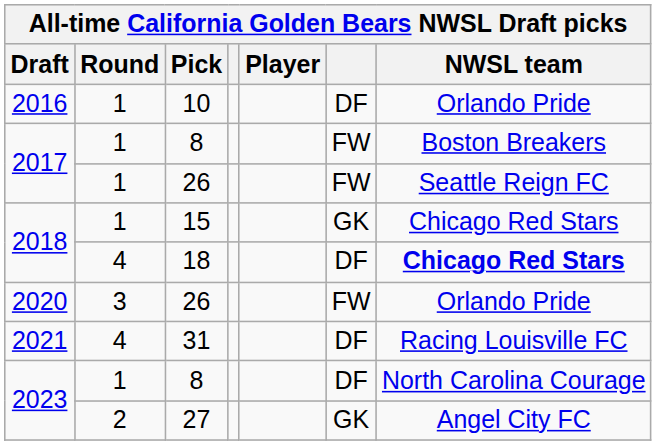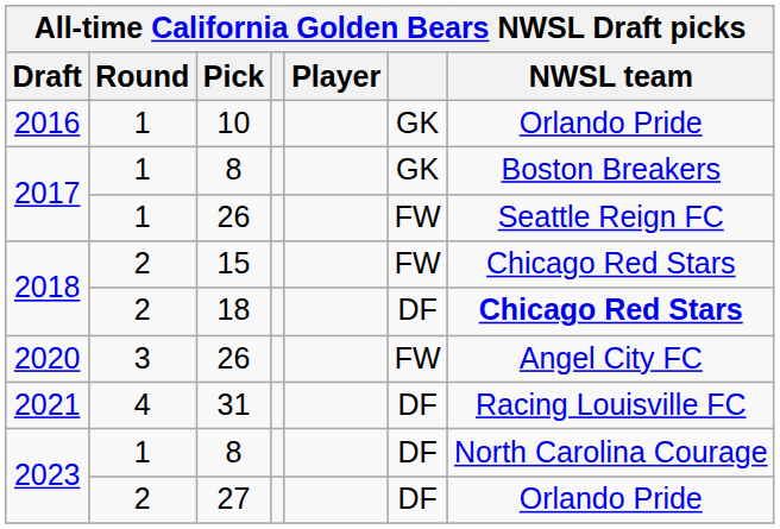 <table class="wikitable sortable" style="text-align: center;">
 <tr>
 <th colspan="7" style="background:#">All-time <a href='#'><span>California Golden Bears</span></a> NWSL Draft picks</th>
 </tr>
 <tr>
 <th scope="col">Draft</th>
 <th scope="col">Round</th>
 <th scope="col">Pick</th>
 <th scope="col"></th>
 <th scope="col">Player</th>
 <th scope="col"></th>
 <th scope="col">NWSL team</th>
 </tr>
 <tr>
 <td><a href='#'>2016</a></td>
 <td>1</td>
 <td>10</td>
 <td></td>
 <td></td>
-<td>DF</td>
+<td>GK</td>
 <td><a href='#'>Orlando Pride</a></td>
 </tr>
 <tr>
 <td rowspan="2"><a href='#'>2017</a></td>
 <td>1</td>
 <td>8</td>
 <td></td>
 <td></td>
-<td>FW</td>
+<td>GK</td>
 <td><a href='#'>Boston Breakers</a></td>
 </tr>
 <tr>
 <td>1</td>
 <td>26</td>
 <td></td>
 <td></td>
 <td>FW</td>
 <td><a href='#'>Seattle Reign FC</a></td>
 </tr>
 <tr>
 <td rowspan="2"><a href='#'>2018</a></td>
-<td>1</td>
+<td>2</td>
 <td>15</td>
 <td></td>
 <td></td>
-<td>GK</td>
+<td>FW</td>
 <td><a href='#'>Chicago Red Stars</a></td>
 </tr>
 <tr>
-<td>4</td>
+<td>2</td>
 <td>18</td>
 <td></td>
 <td></td>
 <td>DF</td>
 <td><strong><a href='#'>Chicago Red Stars</a></strong></td>
 </tr>
 <tr>
 <td><a href='#'>2020</a></td>
 <td>3</td>
 <td>26</td>
 <td></td>
 <td></td>
 <td>FW</td>
-<td><a href='#'>Orlando Pride</a></td>
+<td><a href='#'>Angel City FC</a></td>
 </tr>
 <tr>
 <td><a href='#'>2021</a></td>
 <td>4</td>
 <td>31</td>
 <td></td>
 <td></td>
 <td>DF</td>
 <td><a href='#'>Racing Louisville FC</a></td>
 </tr>
 <tr>
 <td rowspan="2"><a href='#'>2023</a></td>
 <td>1</td>
 <td>8</td>
 <td></td>
 <td></td>
 <td>DF</td>
 <td><a href='#'>North Carolina Courage</a></td>
 </tr>
 <tr>
 <td>2</td>
 <td>27</td>
 <td></td>
 <td></td>
-<td>GK</td>
-<td><a href='#'>Angel City FC</a></td>
+<td>DF</td>
+<td><a href='#'>Orlando Pride</a></td>
 </tr>
 </table>
